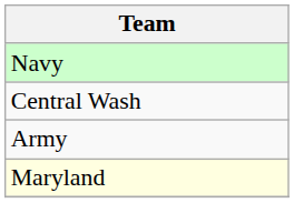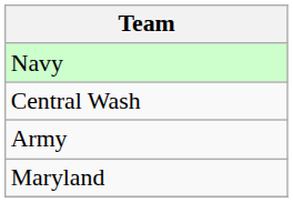 <table class="wikitable" style="text-align: center;">
 <tr>
 <th width="180">Team</th>
 </tr>
 <tr bgcolor=#ccffcc>
 <td align="left">Navy</td>
 </tr>
 <tr>
 <td align="left">Central Wash</td>
 </tr>
 <tr>
 <td align="left">Army</td>
 </tr>
 <tr>
-<td align="left" style="background: lightyellow;">Maryland</td>
+<td align="left">Maryland</td>
 </tr>
 <tr>
 </tr>
 </table>
